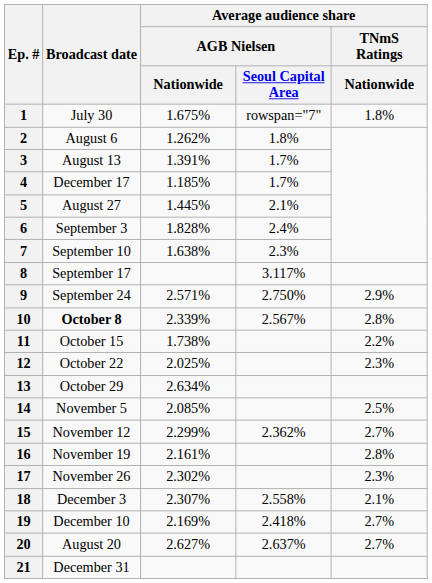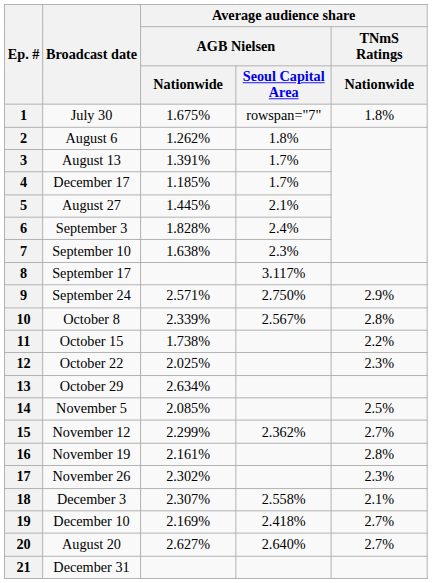 <table class="wikitable" style="text-align:center">
 <tr>
 <th rowspan="3">Ep. #</th>
 <th rowspan="3">Broadcast date</th>
 <th colspan="3">Average audience share</th>
 </tr>
 <tr>
 <th colspan="2">AGB Nielsen</th>
 <th colspan="1">TNmS Ratings</th>
 </tr>
 <tr>
 <th width=100>Nationwide</th>
 <th width=100><a href='#'>Seoul Capital Area</a></th>
 <th width=100>Nationwide</th>
 </tr>
 <tr>
 <th>1</th>
 <td>July 30</td>
 <td>1.675%</td>
 <td>rowspan="7" </td>
 <td>1.8%</td>
 </tr>
 <tr>
 <th>2</th>
 <td>August 6</td>
 <td>1.262%</td>
 <td>1.8%</td>
 </tr>
 <tr>
 <th>3</th>
 <td>August 13</td>
 <td>1.391%</td>
 <td>1.7%</td>
 </tr>
 <tr>
 <th>4</th>
 <td>December 17</td>
 <td>1.185%</td>
 <td>1.7%</td>
 </tr>
 <tr>
 <th>5</th>
 <td>August 27</td>
 <td>1.445%</td>
 <td>2.1%</td>
 </tr>
 <tr>
 <th>6</th>
 <td>September 3</td>
 <td>1.828%</td>
 <td>2.4%</td>
 </tr>
 <tr>
 <th>7</th>
 <td>September 10</td>
 <td>1.638%</td>
 <td>2.3%</td>
 </tr>
 <tr>
 <th>8</th>
 <td>September 17</td>
 <td></td>
 <td>3.117%</td>
 <td></td>
 </tr>
 <tr>
 <th>9</th>
 <td>September 24</td>
 <td>2.571%</td>
 <td>2.750%</td>
 <td>2.9%</td>
 </tr>
 <tr>
 <th>10</th>
-<td><strong>October 8</strong></td>
+<td>October 8</td>
 <td>2.339%</td>
 <td>2.567%</td>
 <td>2.8%</td>
 </tr>
 <tr>
 <th>11</th>
 <td>October 15</td>
 <td>1.738%</td>
 <td></td>
 <td>2.2%</td>
 </tr>
 <tr>
 <th>12</th>
 <td>October 22</td>
 <td>2.025%</td>
 <td></td>
 <td>2.3%</td>
 </tr>
 <tr>
 <th>13</th>
 <td>October 29</td>
 <td>2.634%</td>
 <td></td>
 <td></td>
 </tr>
 <tr>
 <th>14</th>
 <td>November 5</td>
 <td>2.085%</td>
 <td></td>
 <td>2.5%</td>
 </tr>
 <tr>
 <th>15</th>
 <td>November 12</td>
 <td>2.299%</td>
 <td>2.362%</td>
 <td>2.7%</td>
 </tr>
 <tr>
 <th>16</th>
 <td>November 19</td>
 <td>2.161%</td>
 <td></td>
 <td>2.8%</td>
 </tr>
 <tr>
 <th>17</th>
 <td>November 26</td>
 <td>2.302%</td>
 <td></td>
 <td>2.3%</td>
 </tr>
 <tr>
 <th>18</th>
 <td>December 3</td>
 <td>2.307%</td>
 <td>2.558%</td>
 <td>2.1%</td>
 </tr>
 <tr>
 <th>19</th>
 <td>December 10</td>
 <td>2.169%</td>
 <td>2.418%</td>
 <td>2.7%</td>
 </tr>
 <tr>
 <th>20</th>
 <td>August 20</td>
 <td>2.627%</td>
-<td>2.637%</td>
+<td>2.640%</td>
 <td>2.7%</td>
 </tr>
 <tr>
 <th>21</th>
 <td>December 31</td>
 <td></td>
 <td></td>
 <td></td>
 </tr>
 </table>
